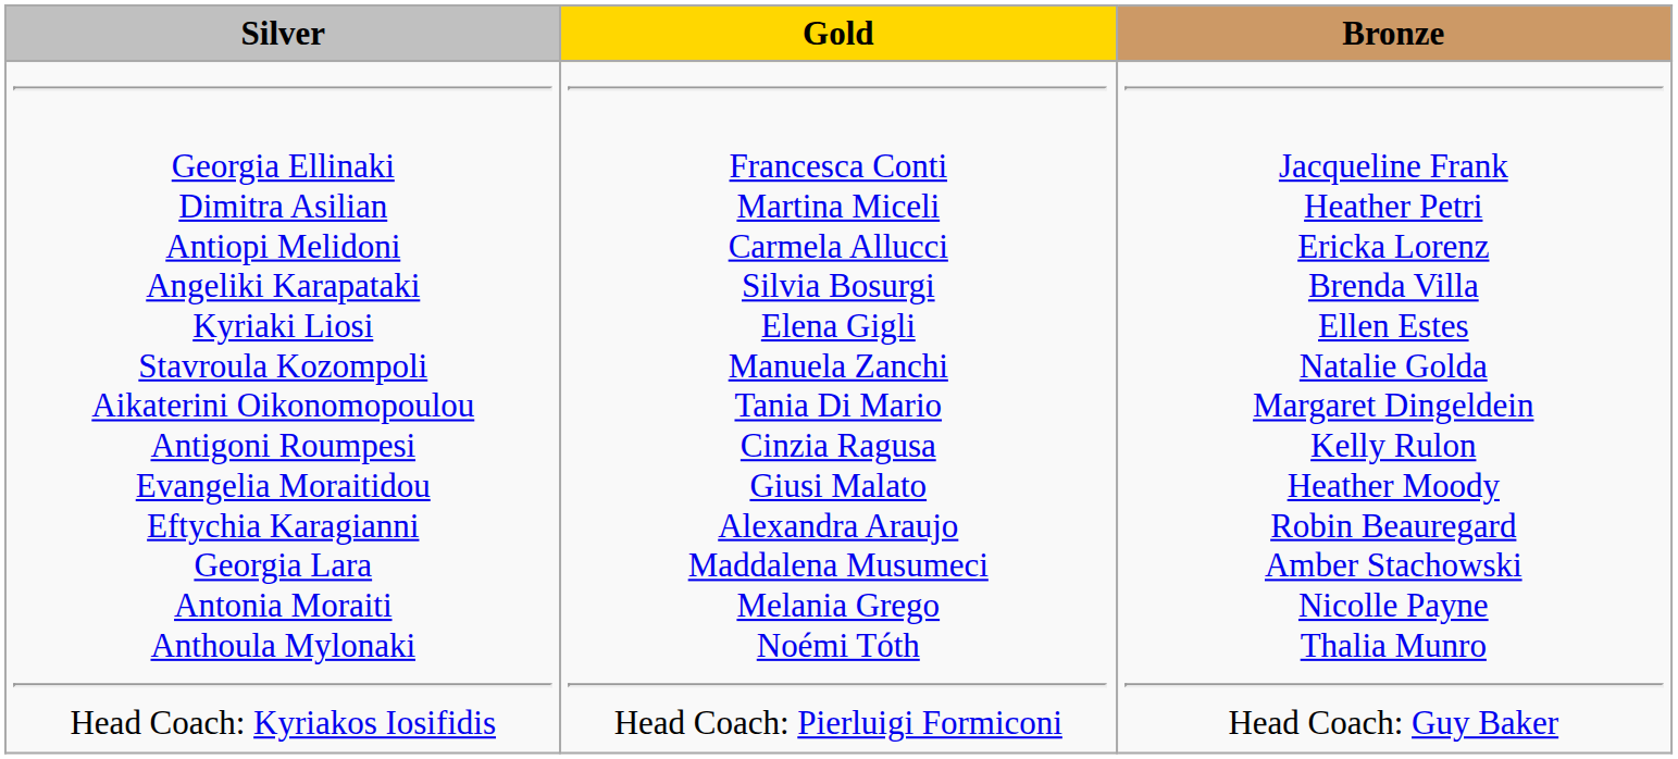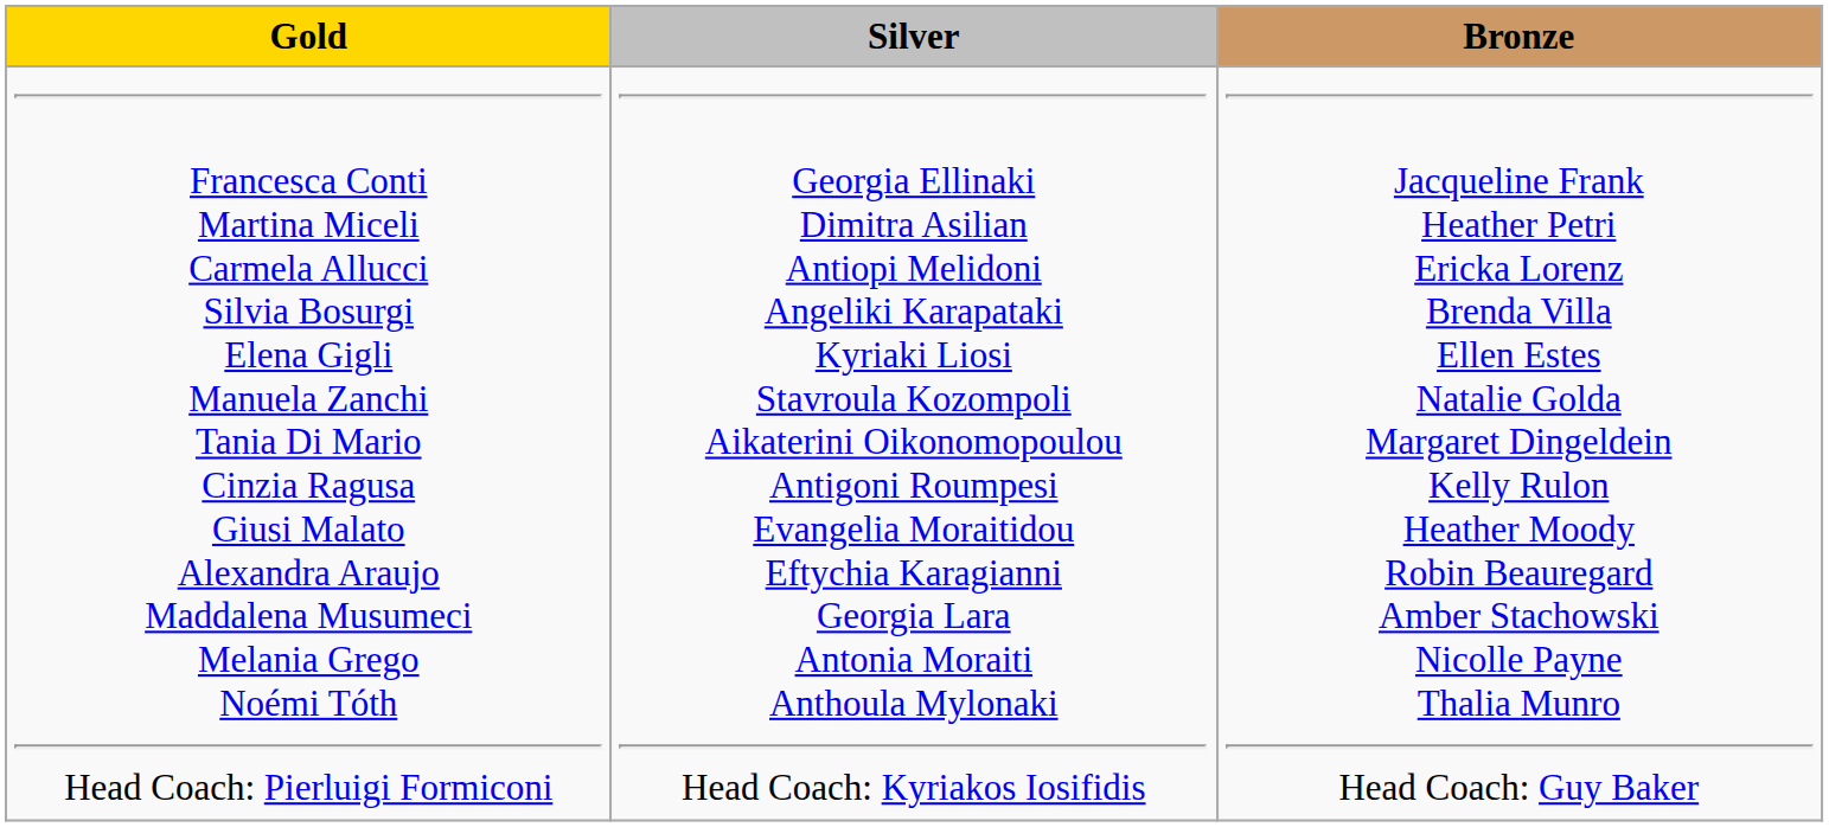 <table class="wikitable" style="text-align:center; font-size: 95%;">
 <tr>
+<td style="width: 16em;background: gold"><strong>Gold</strong></td>
 <td style="width: 16em;background: silver"><strong>Silver</strong></td>
-<td style="width: 16em;background: gold"><strong>Gold</strong></td>
 <td style="width: 16em;background: #CC9966"><strong>Bronze</strong></td>
 </tr>
 <tr>
+<td><hr><br><a href='#'>Francesca Conti</a><br><a href='#'>Martina Miceli</a><br><a href='#'>Carmela Allucci</a><br><a href='#'>Silvia Bosurgi</a><br><a href='#'>Elena Gigli</a><br><a href='#'>Manuela Zanchi</a><br><a href='#'>Tania Di Mario</a><br><a href='#'>Cinzia Ragusa</a><br><a href='#'>Giusi Malato</a><br><a href='#'>Alexandra Araujo</a><br><a href='#'>Maddalena Musumeci</a><br><a href='#'>Melania Grego</a><br><a href='#'>Noémi Tóth</a><br><hr>Head Coach: <a href='#'>Pierluigi Formiconi</a></td>
 <td><hr><br><a href='#'>Georgia Ellinaki</a><br><a href='#'>Dimitra Asilian</a><br><a href='#'>Antiopi Melidoni</a><br><a href='#'>Angeliki Karapataki</a><br><a href='#'>Kyriaki Liosi</a><br><a href='#'>Stavroula Kozompoli</a><br><a href='#'>Aikaterini Oikonomopoulou</a><br><a href='#'>Antigoni Roumpesi</a><br><a href='#'>Evangelia Moraitidou</a><br><a href='#'>Eftychia Karagianni</a><br><a href='#'>Georgia Lara</a><br><a href='#'>Antonia Moraiti</a><br><a href='#'>Anthoula Mylonaki</a><br><hr>Head Coach: <a href='#'>Kyriakos Iosifidis</a></td>
-<td><hr><br><a href='#'>Francesca Conti</a><br><a href='#'>Martina Miceli</a><br><a href='#'>Carmela Allucci</a><br><a href='#'>Silvia Bosurgi</a><br><a href='#'>Elena Gigli</a><br><a href='#'>Manuela Zanchi</a><br><a href='#'>Tania Di Mario</a><br><a href='#'>Cinzia Ragusa</a><br><a href='#'>Giusi Malato</a><br><a href='#'>Alexandra Araujo</a><br><a href='#'>Maddalena Musumeci</a><br><a href='#'>Melania Grego</a><br><a href='#'>Noémi Tóth</a><br><hr>Head Coach: <a href='#'>Pierluigi Formiconi</a></td>
 <td><hr><br><a href='#'>Jacqueline Frank</a><br><a href='#'>Heather Petri</a><br><a href='#'>Ericka Lorenz</a><br><a href='#'>Brenda Villa</a><br><a href='#'>Ellen Estes</a><br><a href='#'>Natalie Golda</a><br><a href='#'>Margaret Dingeldein</a><br><a href='#'>Kelly Rulon</a><br><a href='#'>Heather Moody</a><br><a href='#'>Robin Beauregard</a><br><a href='#'>Amber Stachowski</a><br><a href='#'>Nicolle Payne</a><br><a href='#'>Thalia Munro</a><br><hr>Head Coach: <a href='#'>Guy Baker</a></td>
 </tr>
 </table>
